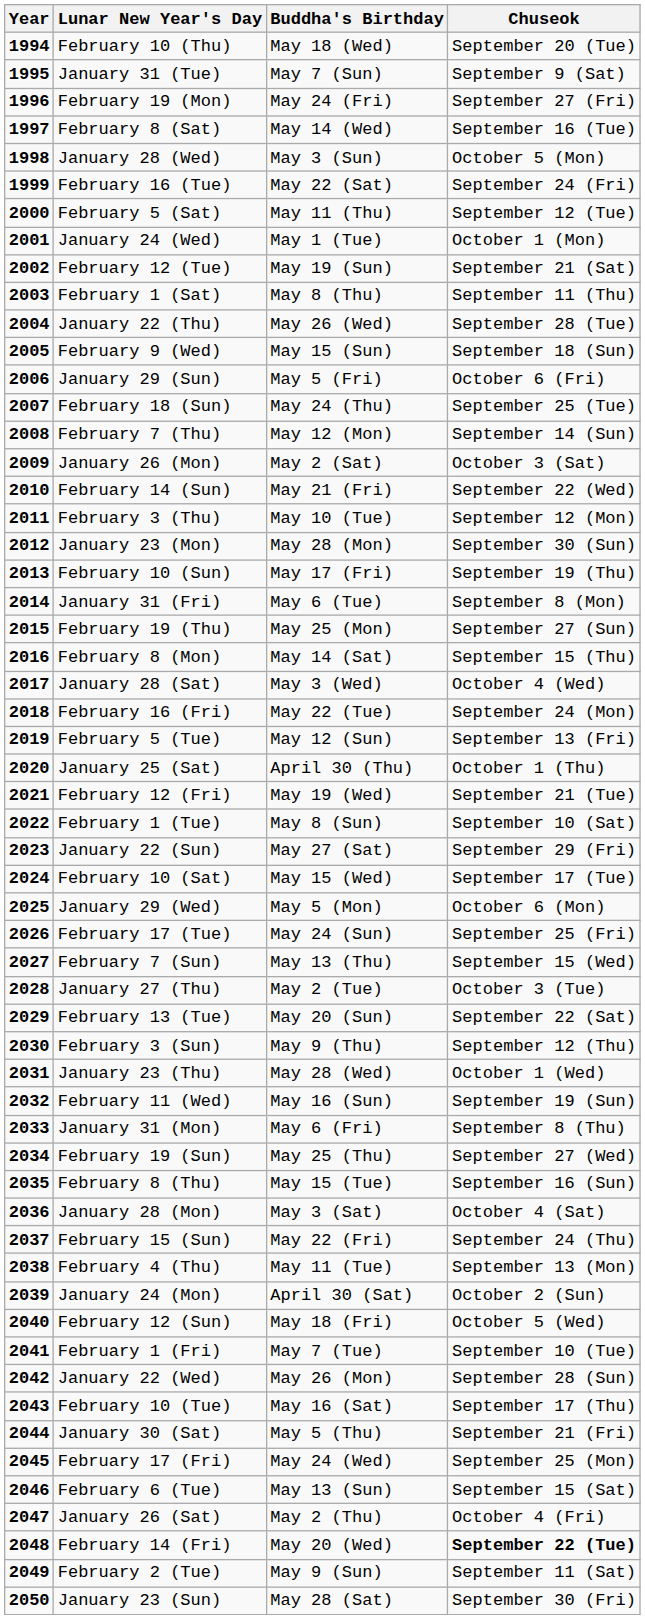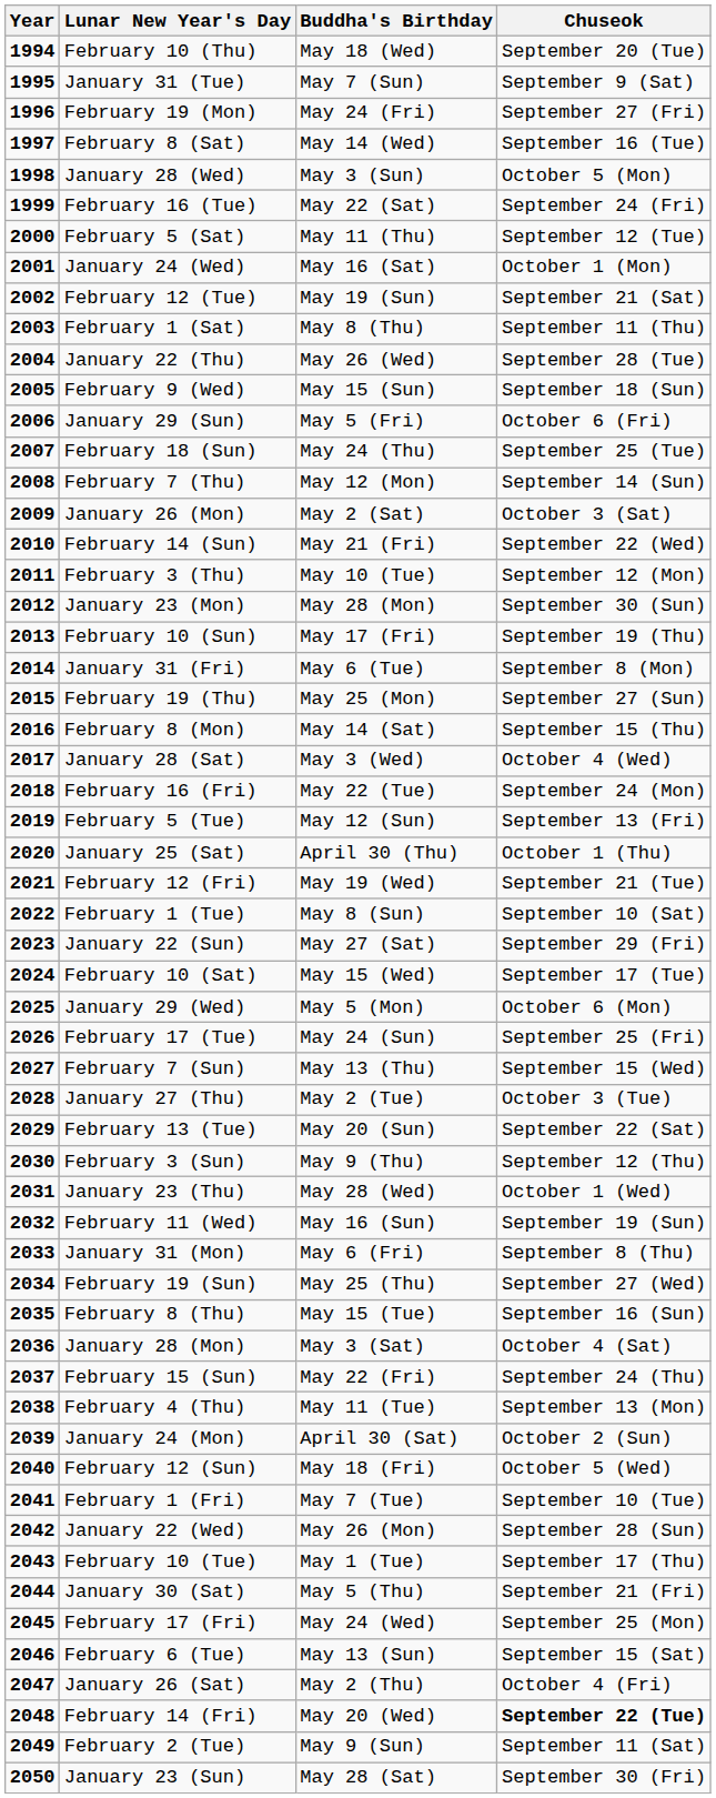 <table class=wikitable>
 <tr>
 <th>Year</th>
 <th>Lunar New Year's Day</th>
 <th>Buddha's Birthday</th>
 <th>Chuseok</th>
 </tr>
 <tr>
 <td><strong>1994</strong></td>
 <td>February 10 (Thu)</td>
 <td>May 18 (Wed)</td>
 <td>September 20 (Tue)</td>
 </tr>
 <tr>
 <td><strong>1995</strong></td>
 <td>January 31 (Tue)</td>
 <td>May 7 (Sun)</td>
 <td>September 9 (Sat)</td>
 </tr>
 <tr>
 <td><strong>1996</strong></td>
 <td>February 19 (Mon)</td>
 <td>May 24 (Fri)</td>
 <td>September 27 (Fri)</td>
 </tr>
 <tr>
 <td><strong>1997</strong></td>
 <td>February 8 (Sat)</td>
 <td>May 14 (Wed)</td>
 <td>September 16 (Tue)</td>
 </tr>
 <tr>
 <td><strong>1998</strong></td>
 <td>January 28 (Wed)</td>
 <td>May 3 (Sun)</td>
 <td>October 5 (Mon)</td>
 </tr>
 <tr>
 <td><strong>1999</strong></td>
 <td>February 16 (Tue)</td>
 <td>May 22 (Sat)</td>
 <td>September 24 (Fri)</td>
 </tr>
 <tr>
 <td><strong>2000</strong></td>
 <td>February 5 (Sat)</td>
 <td>May 11 (Thu)</td>
 <td>September 12 (Tue)</td>
 </tr>
 <tr>
 <td><strong>2001</strong></td>
 <td>January 24 (Wed)</td>
-<td>May 1 (Tue)</td>
+<td>May 16 (Sat)</td>
 <td>October 1 (Mon)</td>
 </tr>
 <tr>
 <td><strong>2002</strong></td>
 <td>February 12 (Tue)</td>
 <td>May 19 (Sun)</td>
 <td>September 21 (Sat)</td>
 </tr>
 <tr>
 <td><strong>2003</strong></td>
 <td>February 1 (Sat)</td>
 <td>May 8 (Thu)</td>
 <td>September 11 (Thu)</td>
 </tr>
 <tr>
 <td><strong>2004</strong></td>
 <td>January 22 (Thu)</td>
 <td>May 26 (Wed)</td>
 <td>September 28 (Tue)</td>
 </tr>
 <tr>
 <td><strong>2005</strong></td>
 <td>February 9 (Wed)</td>
 <td>May 15 (Sun)</td>
 <td>September 18 (Sun)</td>
 </tr>
 <tr>
 <td><strong>2006</strong></td>
 <td>January 29 (Sun)</td>
 <td>May 5 (Fri)</td>
 <td>October 6 (Fri)</td>
 </tr>
 <tr>
 <td><strong>2007</strong></td>
 <td>February 18 (Sun)</td>
 <td>May 24 (Thu)</td>
 <td>September 25 (Tue)</td>
 </tr>
 <tr>
 <td><strong>2008</strong></td>
 <td>February 7 (Thu)</td>
 <td>May 12 (Mon)</td>
 <td>September 14 (Sun)</td>
 </tr>
 <tr>
 <td><strong>2009</strong></td>
 <td>January 26 (Mon)</td>
 <td>May 2 (Sat)</td>
 <td>October 3 (Sat)</td>
 </tr>
 <tr>
 <td><strong>2010</strong></td>
 <td>February 14 (Sun)</td>
 <td>May 21 (Fri)</td>
 <td>September 22 (Wed)</td>
 </tr>
 <tr>
 <td><strong>2011</strong></td>
 <td>February 3 (Thu)</td>
 <td>May 10 (Tue)</td>
 <td>September 12 (Mon)</td>
 </tr>
 <tr>
 <td><strong>2012</strong></td>
 <td>January 23 (Mon)</td>
 <td>May 28 (Mon)</td>
 <td>September 30 (Sun)</td>
 </tr>
 <tr>
 <td><strong>2013</strong></td>
 <td>February 10 (Sun)</td>
 <td>May 17 (Fri)</td>
 <td>September 19 (Thu)</td>
 </tr>
 <tr>
 <td><strong>2014</strong></td>
 <td>January 31 (Fri)</td>
 <td>May 6 (Tue)</td>
 <td>September 8 (Mon)</td>
 </tr>
 <tr>
 <td><strong>2015</strong></td>
 <td>February 19 (Thu)</td>
 <td>May 25 (Mon)</td>
 <td>September 27 (Sun)</td>
 </tr>
 <tr>
 <td><strong>2016</strong></td>
 <td>February 8 (Mon)</td>
 <td>May 14 (Sat)</td>
 <td>September 15 (Thu)</td>
 </tr>
 <tr>
 <td><strong>2017</strong></td>
 <td>January 28 (Sat)</td>
 <td>May 3 (Wed)</td>
 <td>October 4 (Wed)</td>
 </tr>
 <tr>
 <td><strong>2018</strong></td>
 <td>February 16 (Fri)</td>
 <td>May 22 (Tue)</td>
 <td>September 24 (Mon)</td>
 </tr>
 <tr>
 <td><strong>2019</strong></td>
 <td>February 5 (Tue)</td>
 <td>May 12 (Sun)</td>
 <td>September 13 (Fri)</td>
 </tr>
 <tr>
 <td><strong>2020</strong></td>
 <td>January 25 (Sat)</td>
 <td>April 30 (Thu)</td>
 <td>October 1 (Thu)</td>
 </tr>
 <tr>
 <td><strong>2021</strong></td>
 <td>February 12 (Fri)</td>
 <td>May 19 (Wed)</td>
 <td>September 21 (Tue)</td>
 </tr>
 <tr>
 <td><strong>2022</strong></td>
 <td>February 1 (Tue)</td>
 <td>May 8 (Sun)</td>
 <td>September 10 (Sat)</td>
 </tr>
 <tr>
 <td><strong>2023</strong></td>
 <td>January 22 (Sun)</td>
 <td>May 27 (Sat)</td>
 <td>September 29 (Fri)</td>
 </tr>
 <tr>
 <td><strong>2024</strong></td>
 <td>February 10 (Sat)</td>
 <td>May 15 (Wed)</td>
 <td>September 17 (Tue)</td>
 </tr>
 <tr>
 <td><strong>2025</strong></td>
 <td>January 29 (Wed)</td>
 <td>May 5 (Mon)</td>
 <td>October 6 (Mon)</td>
 </tr>
 <tr>
 <td><strong>2026</strong></td>
 <td>February 17 (Tue)</td>
 <td>May 24 (Sun)</td>
 <td>September 25 (Fri)</td>
 </tr>
 <tr>
 <td><strong>2027</strong></td>
 <td>February 7 (Sun)</td>
 <td>May 13 (Thu)</td>
 <td>September 15 (Wed)</td>
 </tr>
 <tr>
 <td><strong>2028</strong></td>
 <td>January 27 (Thu)</td>
 <td>May 2 (Tue)</td>
 <td>October 3 (Tue)</td>
 </tr>
 <tr>
 <td><strong>2029</strong></td>
 <td>February 13 (Tue)</td>
 <td>May 20 (Sun)</td>
 <td>September 22 (Sat)</td>
 </tr>
 <tr>
 <td><strong>2030</strong></td>
 <td>February 3 (Sun)</td>
 <td>May 9 (Thu)</td>
 <td>September 12 (Thu)</td>
 </tr>
 <tr>
 <td><strong>2031</strong></td>
 <td>January 23 (Thu)</td>
 <td>May 28 (Wed)</td>
 <td>October 1 (Wed)</td>
 </tr>
 <tr>
 <td><strong>2032</strong></td>
 <td>February 11 (Wed)</td>
 <td>May 16 (Sun)</td>
 <td>September 19 (Sun)</td>
 </tr>
 <tr>
 <td><strong>2033</strong></td>
 <td>January 31 (Mon)</td>
 <td>May 6 (Fri)</td>
 <td>September 8 (Thu)</td>
 </tr>
 <tr>
 <td><strong>2034</strong></td>
 <td>February 19 (Sun)</td>
 <td>May 25 (Thu)</td>
 <td>September 27 (Wed)</td>
 </tr>
 <tr>
 <td><strong>2035</strong></td>
 <td>February 8 (Thu)</td>
 <td>May 15 (Tue)</td>
 <td>September 16 (Sun)</td>
 </tr>
 <tr>
 <td><strong>2036</strong></td>
 <td>January 28 (Mon)</td>
 <td>May 3 (Sat)</td>
 <td>October 4 (Sat)</td>
 </tr>
 <tr>
 <td><strong>2037</strong></td>
 <td>February 15 (Sun)</td>
 <td>May 22 (Fri)</td>
 <td>September 24 (Thu)</td>
 </tr>
 <tr>
 <td><strong>2038</strong></td>
 <td>February 4 (Thu)</td>
 <td>May 11 (Tue)</td>
 <td>September 13 (Mon)</td>
 </tr>
 <tr>
 <td><strong>2039</strong></td>
 <td>January 24 (Mon)</td>
 <td>April 30 (Sat)</td>
 <td>October 2 (Sun)</td>
 </tr>
 <tr>
 <td><strong>2040</strong></td>
 <td>February 12 (Sun)</td>
 <td>May 18 (Fri)</td>
 <td>October 5 (Wed)</td>
 </tr>
 <tr>
 <td><strong>2041</strong></td>
 <td>February 1 (Fri)</td>
 <td>May 7 (Tue)</td>
 <td>September 10 (Tue)</td>
 </tr>
 <tr>
 <td><strong>2042</strong></td>
 <td>January 22 (Wed)</td>
 <td>May 26 (Mon)</td>
 <td>September 28 (Sun)</td>
 </tr>
 <tr>
 <td><strong>2043</strong></td>
 <td>February 10 (Tue)</td>
-<td>May 16 (Sat)</td>
+<td>May 1 (Tue)</td>
 <td>September 17 (Thu)</td>
 </tr>
 <tr>
 <td><strong>2044</strong></td>
 <td>January 30 (Sat)</td>
 <td>May 5 (Thu)</td>
 <td>September 21 (Fri)</td>
 </tr>
 <tr>
 <td><strong>2045</strong></td>
 <td>February 17 (Fri)</td>
 <td>May 24 (Wed)</td>
 <td>September 25 (Mon)</td>
 </tr>
 <tr>
 <td><strong>2046</strong></td>
 <td>February 6 (Tue)</td>
 <td>May 13 (Sun)</td>
 <td>September 15 (Sat)</td>
 </tr>
 <tr>
 <td><strong>2047</strong></td>
 <td>January 26 (Sat)</td>
 <td>May 2 (Thu)</td>
 <td>October 4 (Fri)</td>
 </tr>
 <tr>
 <td><strong>2048</strong></td>
 <td>February 14 (Fri)</td>
 <td>May 20 (Wed)</td>
 <td><strong>September 22 (Tue)</strong></td>
 </tr>
 <tr>
 <td><strong>2049</strong></td>
 <td>February 2 (Tue)</td>
 <td>May 9 (Sun)</td>
 <td>September 11 (Sat)</td>
 </tr>
 <tr>
 <td><strong>2050</strong></td>
 <td>January 23 (Sun)</td>
 <td>May 28 (Sat)</td>
 <td>September 30 (Fri)</td>
 </tr>
 </table>
